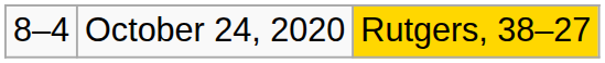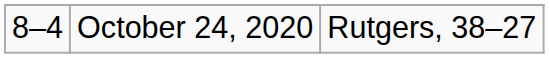 <table class="wikitable">
 <tr align="center">
 </tr>
 <tr align="center">
 <td>8–4</td>
 <td>October 24, 2020</td>
-<td style="background: gold;">Rutgers, 38–27</td>
+<td>Rutgers, 38–27</td>
 </tr>
 </table>
